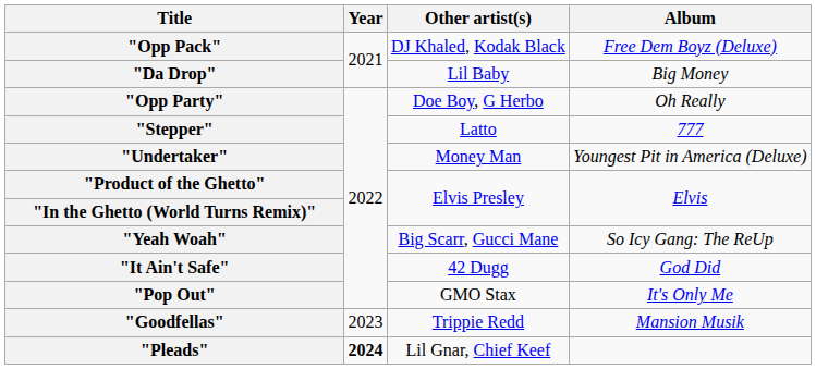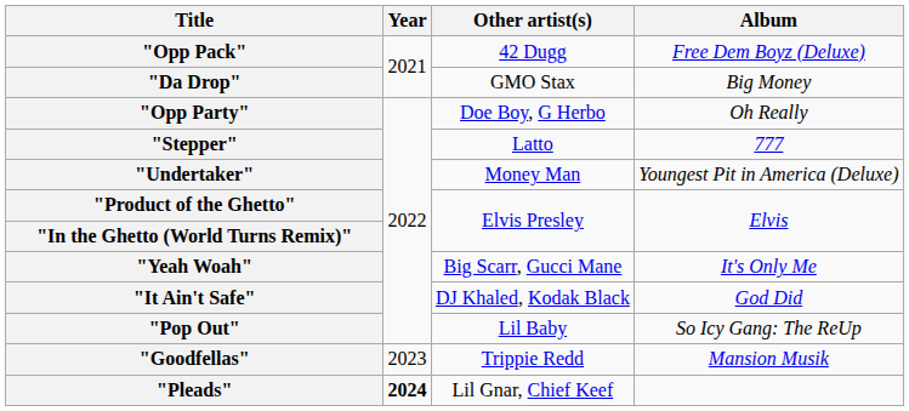 <table class="wikitable plainrowheaders" style="text-align:center;">
 <tr>
 <th scope="col" style="width:19em;">Title</th>
 <th scope="col">Year</th>
 <th scope="col">Other artist(s)</th>
 <th scope="col">Album</th>
 </tr>
 <tr>
 <th scope="row">"Opp Pack"</th>
 <td rowspan="2">2021</td>
-<td><a href='#'>DJ Khaled</a>, <a href='#'>Kodak Black</a></td>
+<td><a href='#'>42 Dugg</a></td>
 <td><em><a href='#'>Free Dem Boyz (Deluxe)</a></em></td>
 </tr>
 <tr>
 <th scope="row">"Da Drop"</th>
-<td><a href='#'>Lil Baby</a></td>
+<td>GMO Stax</td>
 <td><em>Big Money</em></td>
 </tr>
 <tr>
 <th scope="row">"Opp Party"</th>
 <td rowspan="8">2022</td>
 <td><a href='#'>Doe Boy</a>, <a href='#'>G Herbo</a></td>
 <td><em>Oh Really</em></td>
 </tr>
 <tr>
 <th scope="row">"Stepper"</th>
 <td><a href='#'>Latto</a></td>
 <td><em><a href='#'>777</a></em></td>
 </tr>
 <tr>
 <th scope="row">"Undertaker"</th>
 <td><a href='#'>Money Man</a></td>
 <td><em>Youngest Pit in America (Deluxe)</em></td>
 </tr>
 <tr>
 <th scope="row">"Product of the Ghetto"</th>
 <td rowspan="2"><a href='#'>Elvis Presley</a></td>
 <td rowspan="2"><em><a href='#'>Elvis</a></em></td>
 </tr>
 <tr>
 <th scope="row">"In the Ghetto (World Turns Remix)"</th>
 </tr>
 <tr>
 <th scope="row">"Yeah Woah"</th>
 <td><a href='#'>Big Scarr</a>, <a href='#'>Gucci Mane</a></td>
-<td><em>So Icy Gang: The ReUp</em></td>
+<td><em><a href='#'>It's Only Me</a></em></td>
 </tr>
 <tr>
 <th scope="row">"It Ain't Safe"</th>
-<td><a href='#'>42 Dugg</a></td>
+<td><a href='#'>DJ Khaled</a>, <a href='#'>Kodak Black</a></td>
 <td><em><a href='#'>God Did</a></em></td>
 </tr>
 <tr>
 <th scope="row">"Pop Out"</th>
-<td>GMO Stax</td>
-<td><em><a href='#'>It's Only Me</a></em></td>
+<td><a href='#'>Lil Baby</a></td>
+<td><em>So Icy Gang: The ReUp</em></td>
 </tr>
 <tr>
 <th scope="row">"Goodfellas"</th>
 <td>2023</td>
 <td><a href='#'>Trippie Redd</a></td>
 <td><em><a href='#'>Mansion Musik</a></em></td>
 </tr>
 <tr>
 <th scope="row">"Pleads"</th>
 <td><strong>2024</strong></td>
 <td>Lil Gnar, <a href='#'>Chief Keef</a></td>
 <td></td>
 </tr>
 <tr>
 </tr>
 </table>
